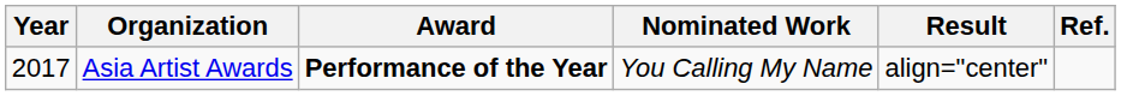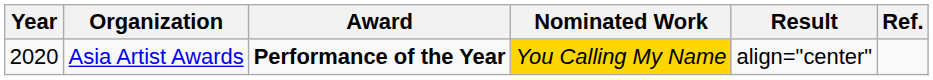 <table class="wikitable sortable plainrowheaders">
 <tr>
 <th scope="col">Year</th>
 <th scope="col">Organization</th>
 <th scope="col">Award</th>
 <th scope="col">Nominated Work</th>
 <th scope="col">Result</th>
 <th scope="col">Ref.</th>
 </tr>
 <tr>
-<td align="center">2017</td>
+<td align="center">2020</td>
 <td align="center"><a href='#'>Asia Artist Awards</a></td>
 <td align="center"><strong>Performance of the Year</strong></td>
-<td align="center"><em>You Calling My Name</em></td>
+<td align="center" style="background: gold;"><em>You Calling My Name</em></td>
 <td>align="center" </td>
 <td align="center"></td>
 </tr>
 </table>
